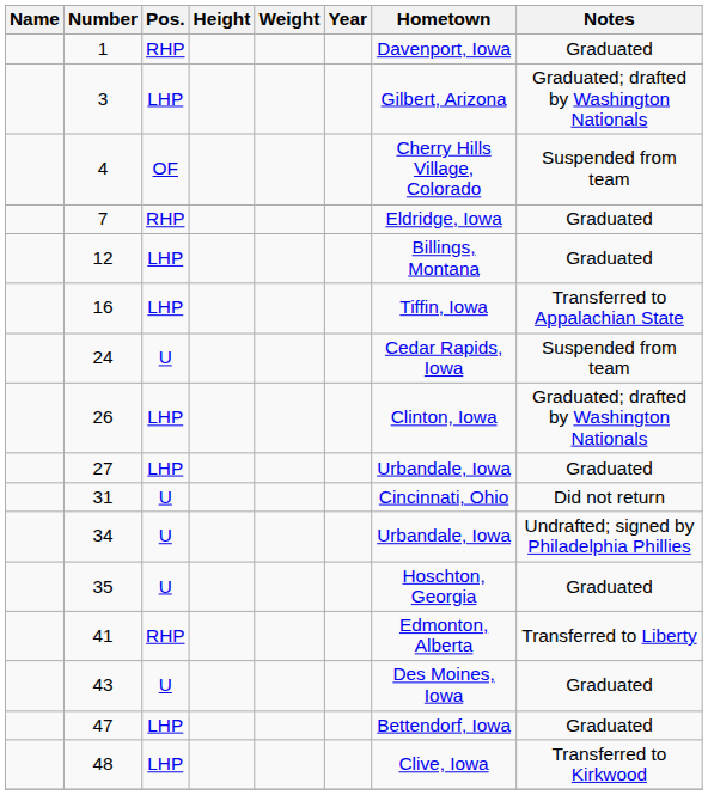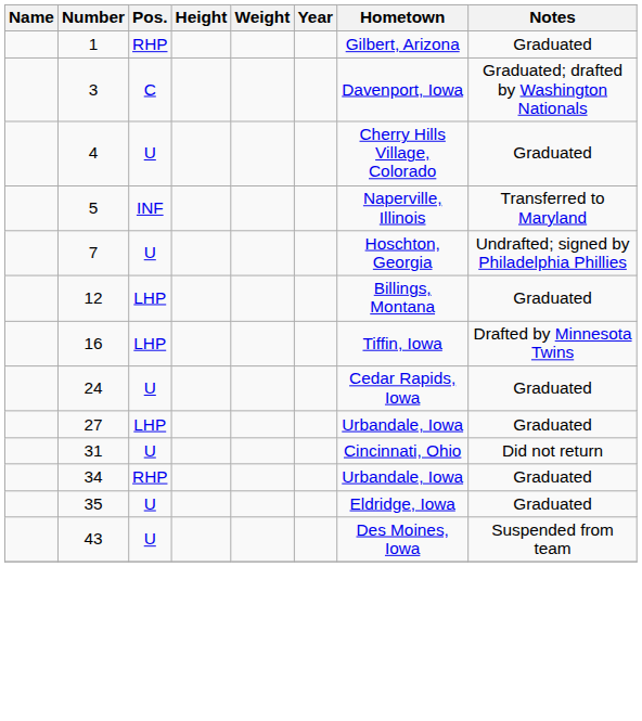 <table class="wikitable sortable sortable" style="text-align: center">
 <tr align=center>
 <th>Name</th>
 <th>Number</th>
 <th>Pos.</th>
 <th>Height</th>
 <th>Weight</th>
 <th>Year</th>
 <th>Hometown</th>
 <th>Notes</th>
 </tr>
 <tr>
 <td></td>
 <td>1</td>
 <td><a href='#'>RHP</a></td>
 <td></td>
 <td></td>
 <td></td>
-<td><a href='#'>Davenport, Iowa</a></td>
+<td><a href='#'>Gilbert, Arizona</a></td>
 <td>Graduated</td>
 </tr>
 <tr>
 <td></td>
 <td>3</td>
-<td><a href='#'>LHP</a></td>
+<td><a href='#'>C</a></td>
 <td></td>
 <td></td>
 <td></td>
-<td><a href='#'>Gilbert, Arizona</a></td>
+<td><a href='#'>Davenport, Iowa</a></td>
 <td>Graduated; drafted by <a href='#'>Washington Nationals</a></td>
 </tr>
 <tr>
 <td></td>
 <td>4</td>
-<td><a href='#'>OF</a></td>
+<td><a href='#'>U</a></td>
 <td></td>
 <td></td>
 <td></td>
 <td><a href='#'>Cherry Hills Village, Colorado</a></td>
-<td>Suspended from team</td>
+<td>Graduated</td>
+</tr>
+<tr>
+<td></td>
+<td>5</td>
+<td><a href='#'>INF</a></td>
+<td></td>
+<td></td>
+<td></td>
+<td><a href='#'>Naperville, Illinois</a></td>
+<td>Transferred to <a href='#'>Maryland</a></td>
 </tr>
 <tr>
 <td></td>
 <td>7</td>
-<td><a href='#'>RHP</a></td>
+<td><a href='#'>U</a></td>
 <td></td>
 <td></td>
 <td></td>
-<td><a href='#'>Eldridge, Iowa</a></td>
-<td>Graduated</td>
+<td><a href='#'>Hoschton, Georgia</a></td>
+<td>Undrafted; signed by <a href='#'>Philadelphia Phillies</a></td>
 </tr>
 <tr>
 <td></td>
 <td>12</td>
 <td><a href='#'>LHP</a></td>
 <td></td>
 <td></td>
 <td></td>
 <td><a href='#'>Billings, Montana</a></td>
 <td>Graduated</td>
 </tr>
 <tr>
 <td></td>
 <td>16</td>
 <td><a href='#'>LHP</a></td>
 <td></td>
 <td></td>
 <td></td>
 <td><a href='#'>Tiffin, Iowa</a></td>
-<td>Transferred to <a href='#'>Appalachian State</a></td>
+<td>Drafted by <a href='#'>Minnesota Twins</a></td>
 </tr>
 <tr>
 <td></td>
 <td>24</td>
 <td><a href='#'>U</a></td>
 <td></td>
 <td></td>
 <td></td>
 <td><a href='#'>Cedar Rapids, Iowa</a></td>
-<td>Suspended from team</td>
-</tr>
-<tr>
-<td></td>
-<td>26</td>
-<td><a href='#'>LHP</a></td>
-<td></td>
-<td></td>
-<td></td>
-<td><a href='#'>Clinton, Iowa</a></td>
-<td>Graduated; drafted by <a href='#'>Washington Nationals</a></td>
+<td>Graduated</td>
 </tr>
 <tr>
 <td></td>
 <td>27</td>
 <td><a href='#'>LHP</a></td>
 <td></td>
 <td></td>
 <td></td>
 <td><a href='#'>Urbandale, Iowa</a></td>
 <td>Graduated</td>
 </tr>
 <tr>
 <td></td>
 <td>31</td>
 <td><a href='#'>U</a></td>
 <td></td>
 <td></td>
 <td></td>
 <td><a href='#'>Cincinnati, Ohio</a></td>
 <td>Did not return</td>
 </tr>
 <tr>
 <td></td>
 <td>34</td>
-<td><a href='#'>U</a></td>
+<td><a href='#'>RHP</a></td>
 <td></td>
 <td></td>
 <td></td>
 <td><a href='#'>Urbandale, Iowa</a></td>
-<td>Undrafted; signed by <a href='#'>Philadelphia Phillies</a></td>
+<td>Graduated</td>
 </tr>
 <tr>
 <td></td>
 <td>35</td>
 <td><a href='#'>U</a></td>
 <td></td>
 <td></td>
 <td></td>
-<td><a href='#'>Hoschton, Georgia</a></td>
+<td><a href='#'>Eldridge, Iowa</a></td>
 <td>Graduated</td>
-</tr>
-<tr>
-<td></td>
-<td>41</td>
-<td><a href='#'>RHP</a></td>
-<td></td>
-<td></td>
-<td></td>
-<td><a href='#'>Edmonton, Alberta</a></td>
-<td>Transferred to <a href='#'>Liberty</a></td>
 </tr>
 <tr>
 <td></td>
 <td>43</td>
 <td><a href='#'>U</a></td>
 <td></td>
 <td></td>
 <td></td>
 <td><a href='#'>Des Moines, Iowa</a></td>
-<td>Graduated</td>
-</tr>
-<tr>
-<td></td>
-<td>47</td>
-<td><a href='#'>LHP</a></td>
-<td></td>
-<td></td>
-<td></td>
-<td><a href='#'>Bettendorf, Iowa</a></td>
-<td>Graduated</td>
-</tr>
-<tr>
-<td></td>
-<td>48</td>
-<td><a href='#'>LHP</a></td>
-<td></td>
-<td></td>
-<td></td>
-<td><a href='#'>Clive, Iowa</a></td>
-<td>Transferred to <a href='#'>Kirkwood</a></td>
+<td>Suspended from team</td>
 </tr>
 <tr>
 </tr>
 </table>
